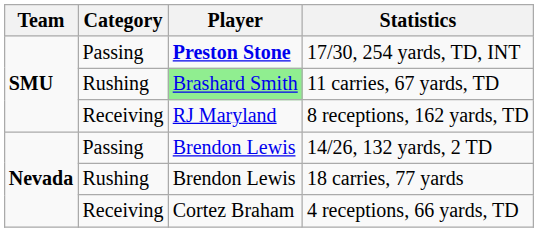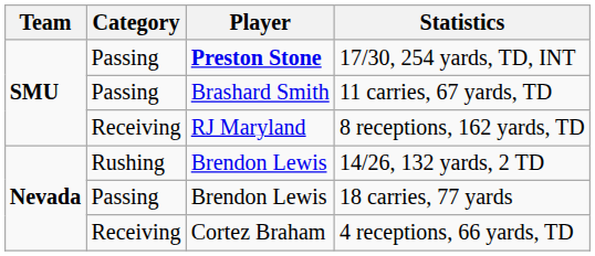 <table class="wikitable" style="float: right;">
 <tr>
 <th>Team</th>
 <th>Category</th>
 <th>Player</th>
 <th>Statistics</th>
 </tr>
 <tr>
 <td rowspan=3><strong>SMU</strong></td>
 <td>Passing</td>
 <td><strong><a href='#'>Preston Stone</a></strong></td>
 <td>17/30, 254 yards, TD, INT</td>
 </tr>
 <tr>
-<td>Rushing</td>
-<td style="background: lightgreen;"><a href='#'>Brashard Smith</a></td>
+<td>Passing</td>
+<td><a href='#'>Brashard Smith</a></td>
 <td>11 carries, 67 yards, TD</td>
 </tr>
 <tr>
 <td>Receiving</td>
 <td><a href='#'>RJ Maryland</a></td>
 <td>8 receptions, 162 yards, TD</td>
 </tr>
 <tr>
 <td rowspan=3><strong>Nevada</strong></td>
-<td>Passing</td>
+<td>Rushing</td>
 <td><a href='#'>Brendon Lewis</a></td>
 <td>14/26, 132 yards, 2 TD</td>
 </tr>
 <tr>
-<td>Rushing</td>
+<td>Passing</td>
 <td>Brendon Lewis</td>
 <td>18 carries, 77 yards</td>
 </tr>
 <tr>
 <td>Receiving</td>
 <td>Cortez Braham</td>
 <td>4 receptions, 66 yards, TD</td>
 </tr>
 </table>
